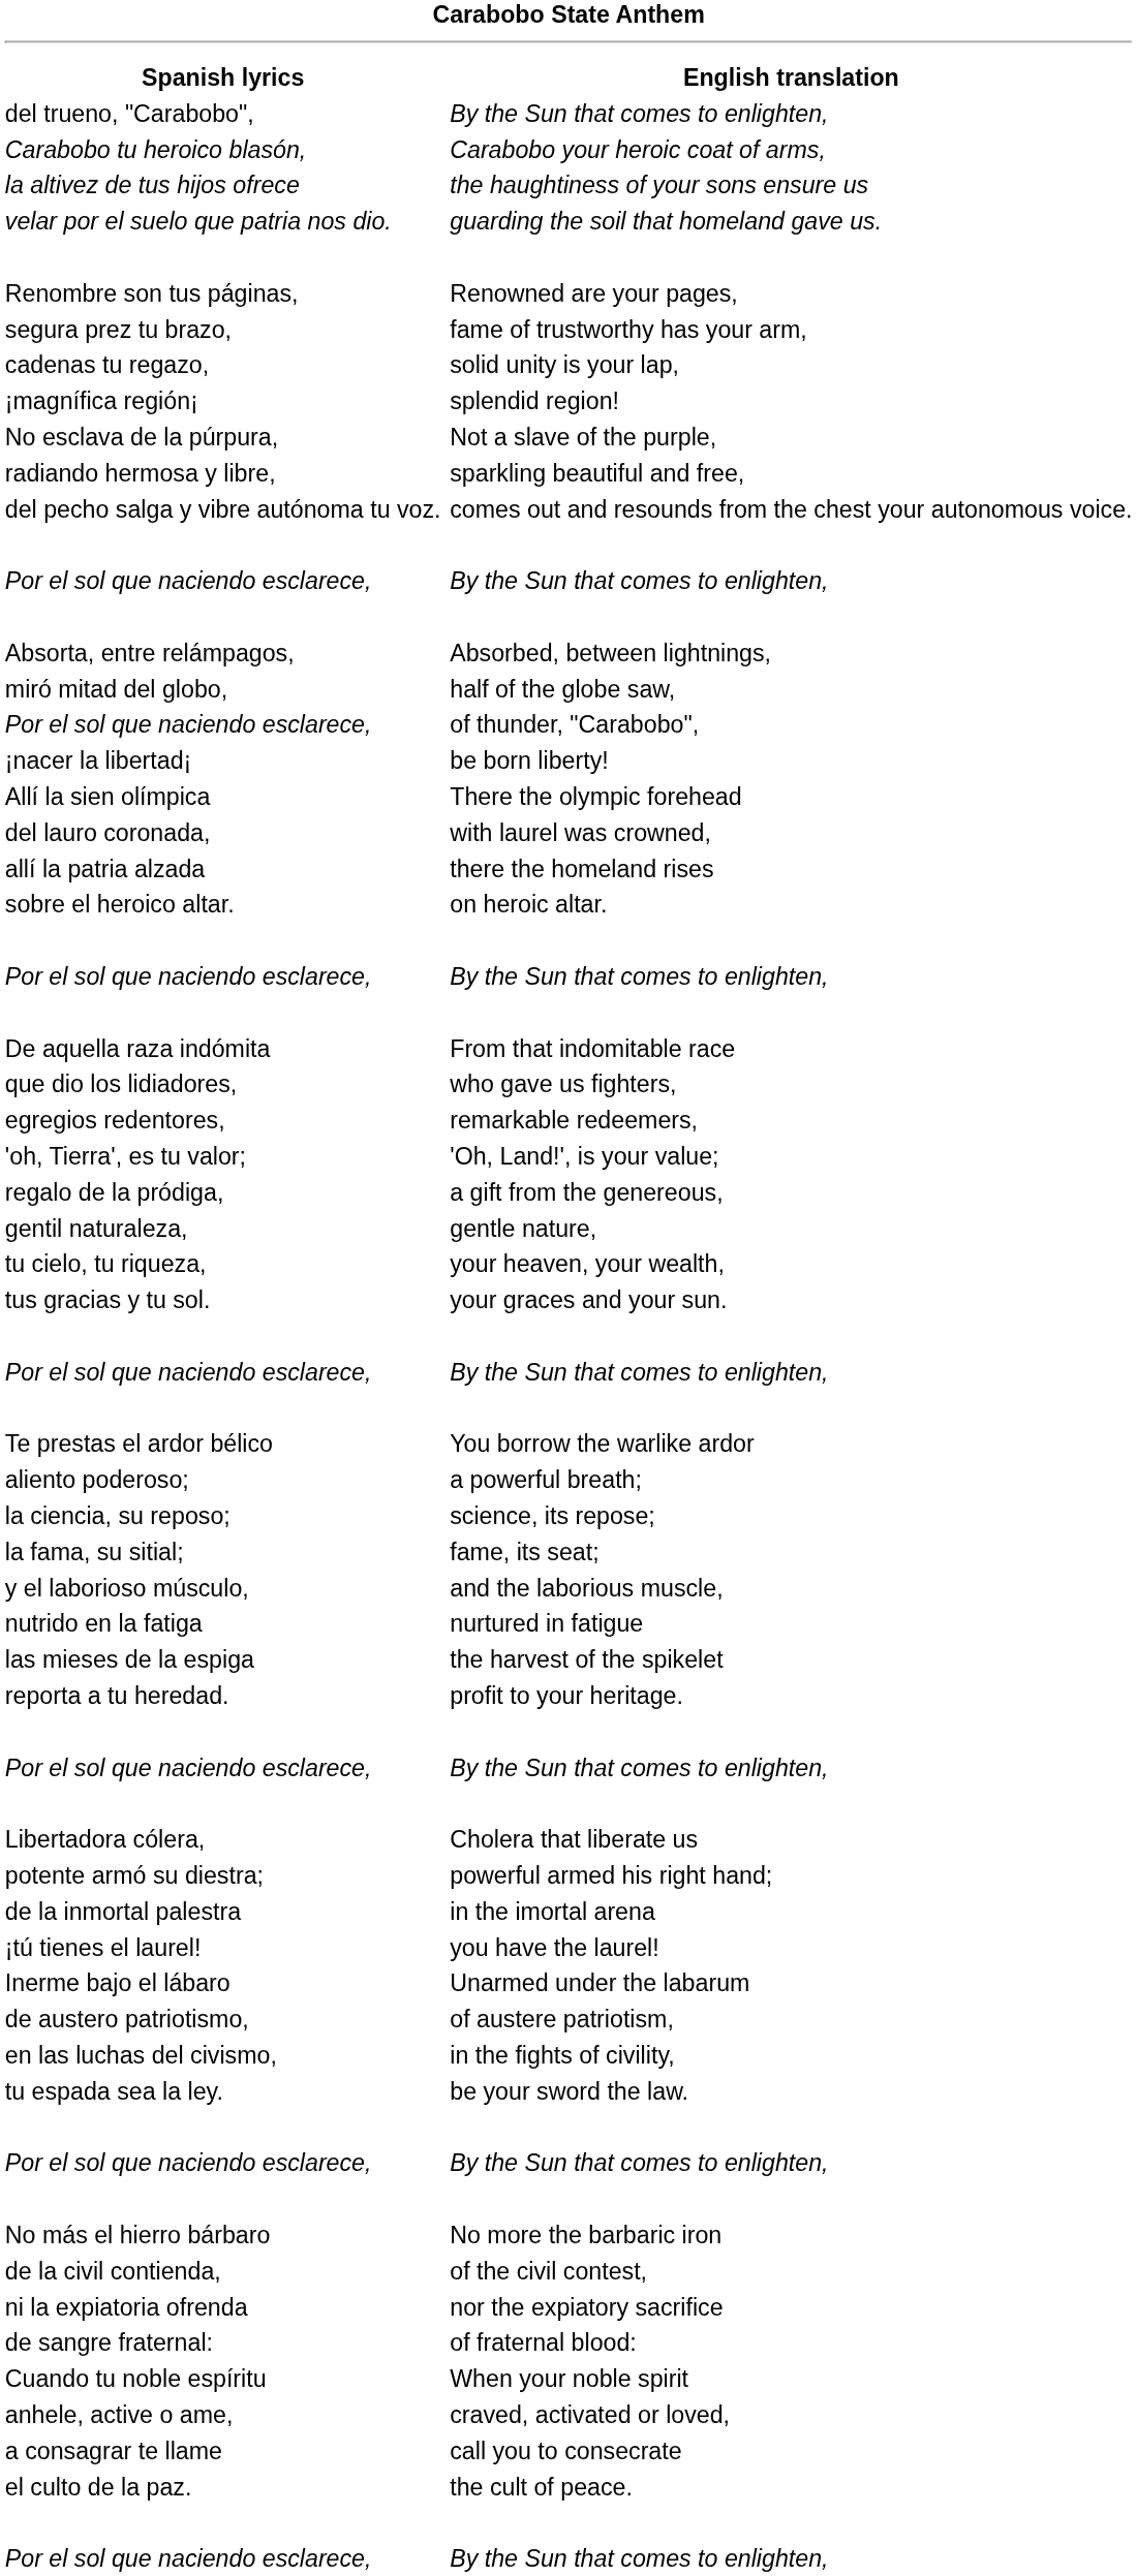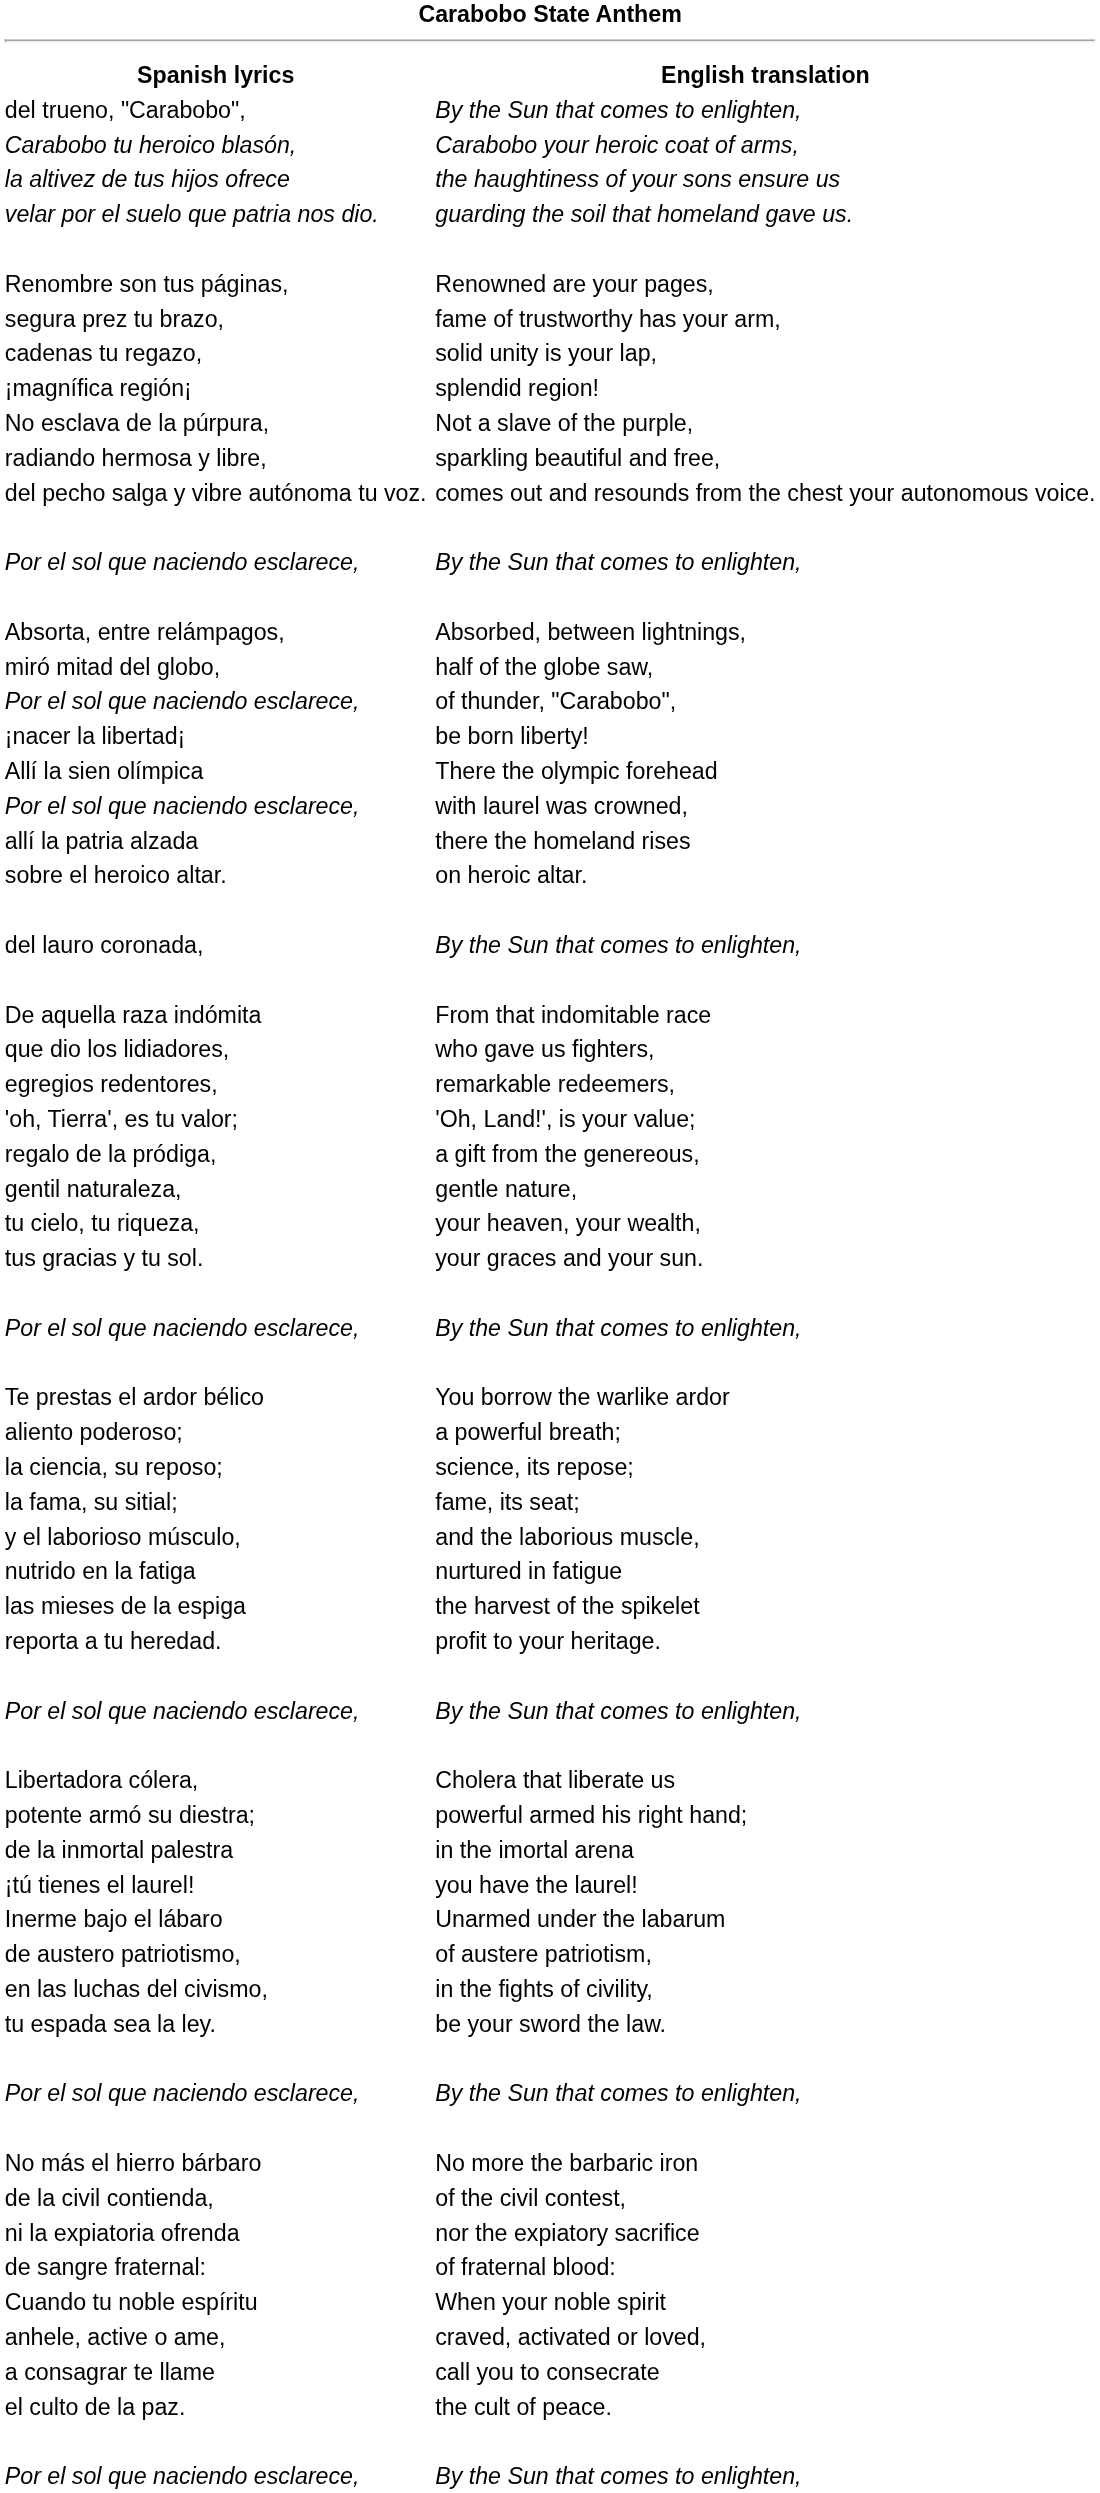 <table cellpadding=2 style="background:transparent;">
 <tr>
 <td align="center" colspan="2"><strong>Carabobo State Anthem</strong><br><hr></td>
 </tr>
 <tr>
 <th>Spanish lyrics</th>
 <th>English translation</th>
 </tr>
 <tr>
 <td>del trueno, "Carabobo",</td>
 <td><em>By the Sun that comes to enlighten,</em></td>
 </tr>
 <tr>
 <td><em>Carabobo tu heroico blasón,</em></td>
 <td><em>Carabobo your heroic coat of arms,</em></td>
 </tr>
 <tr>
 <td><em>la altivez de tus hijos ofrece</em></td>
 <td><em>the haughtiness of your sons ensure us</em></td>
 </tr>
 <tr>
 <td><em>velar por el suelo que patria nos dio.</em></td>
 <td><em>guarding the soil that homeland gave us.</em></td>
 </tr>
 <tr>
 <td> </td>
 </tr>
 <tr>
 <td>Renombre son tus páginas,</td>
 <td>Renowned are your pages,</td>
 </tr>
 <tr>
 <td>segura prez tu brazo,</td>
 <td>fame of trustworthy has your arm,</td>
 </tr>
 <tr>
 <td>cadenas tu regazo,</td>
 <td>solid unity is your lap,</td>
 </tr>
 <tr>
 <td>¡magnífica región¡</td>
 <td>splendid region!</td>
 </tr>
 <tr>
 <td>No esclava de la púrpura,</td>
 <td>Not a slave of the purple,</td>
 </tr>
 <tr>
 <td>radiando hermosa y libre,</td>
 <td>sparkling beautiful and free,</td>
 </tr>
 <tr>
 <td>del pecho salga y vibre autónoma tu voz.</td>
 <td>comes out and resounds from the chest your autonomous voice.</td>
 </tr>
 <tr>
 <td> </td>
 </tr>
 <tr>
 <td><em>Por el sol que naciendo esclarece,</em></td>
 <td><em>By the Sun that comes to enlighten,</em></td>
 </tr>
 <tr>
 <td> </td>
 </tr>
 <tr>
 <td>Absorta, entre relámpagos,</td>
 <td>Absorbed, between lightnings,</td>
 </tr>
 <tr>
 <td>miró mitad del globo,</td>
 <td>half of the globe saw,</td>
 </tr>
 <tr>
 <td><em>Por el sol que naciendo esclarece,</em></td>
 <td>of thunder, "Carabobo",</td>
 </tr>
 <tr>
 <td>¡nacer la libertad¡</td>
 <td>be born liberty!</td>
 </tr>
 <tr>
 <td>Allí la sien olímpica</td>
 <td>There the olympic forehead</td>
 </tr>
 <tr>
-<td>del lauro coronada,</td>
+<td><em>Por el sol que naciendo esclarece,</em></td>
 <td>with laurel was crowned,</td>
 </tr>
 <tr>
 <td>allí la patria alzada</td>
 <td>there the homeland rises</td>
 </tr>
 <tr>
 <td>sobre el heroico altar.</td>
 <td>on heroic altar.</td>
 </tr>
 <tr>
 <td> </td>
 </tr>
 <tr>
-<td><em>Por el sol que naciendo esclarece,</em></td>
+<td>del lauro coronada,</td>
 <td><em>By the Sun that comes to enlighten,</em></td>
 </tr>
 <tr>
 <td> </td>
 </tr>
 <tr>
 <td>De aquella raza indómita</td>
 <td>From that indomitable race</td>
 </tr>
 <tr>
 <td>que dio los lidiadores,</td>
 <td>who gave us fighters,</td>
 </tr>
 <tr>
 <td>egregios redentores,</td>
 <td>remarkable redeemers,</td>
 </tr>
 <tr>
 <td>'oh, Tierra', es tu valor;</td>
 <td>'Oh, Land!', is your value;</td>
 </tr>
 <tr>
 <td>regalo de la pródiga,</td>
 <td>a gift from the genereous,</td>
 </tr>
 <tr>
 <td>gentil naturaleza,</td>
 <td>gentle nature,</td>
 </tr>
 <tr>
 <td>tu cielo, tu riqueza,</td>
 <td>your heaven, your wealth,</td>
 </tr>
 <tr>
 <td>tus gracias y tu sol.</td>
 <td>your graces and your sun.</td>
 </tr>
 <tr>
 <td> </td>
 </tr>
 <tr>
 <td><em>Por el sol que naciendo esclarece,</em></td>
 <td><em>By the Sun that comes to enlighten,</em></td>
 </tr>
 <tr>
 <td> </td>
 </tr>
 <tr>
 <td>Te prestas el ardor bélico</td>
 <td>You borrow the warlike ardor</td>
 </tr>
 <tr>
 <td>aliento poderoso;</td>
 <td>a powerful breath;</td>
 </tr>
 <tr>
 <td>la ciencia, su reposo;</td>
 <td>science, its repose;</td>
 </tr>
 <tr>
 <td>la fama, su sitial;</td>
 <td>fame, its seat;</td>
 </tr>
 <tr>
 <td>y el laborioso músculo,</td>
 <td>and the laborious muscle,</td>
 </tr>
 <tr>
 <td>nutrido en la fatiga</td>
 <td>nurtured in fatigue</td>
 </tr>
 <tr>
 <td>las mieses de la espiga</td>
 <td>the harvest of the spikelet</td>
 </tr>
 <tr>
 <td>reporta a tu heredad.</td>
 <td>profit to your heritage.</td>
 </tr>
 <tr>
 <td> </td>
 </tr>
 <tr>
 <td><em>Por el sol que naciendo esclarece,</em></td>
 <td><em>By the Sun that comes to enlighten,</em></td>
 </tr>
 <tr>
 <td> </td>
 </tr>
 <tr>
 <td>Libertadora cólera,</td>
 <td>Cholera that liberate us</td>
 </tr>
 <tr>
 <td>potente armó su diestra;</td>
 <td>powerful armed his right hand;</td>
 </tr>
 <tr>
 <td>de la inmortal palestra</td>
 <td>in the imortal arena</td>
 </tr>
 <tr>
 <td>¡tú tienes el laurel!</td>
 <td>you have the laurel!</td>
 </tr>
 <tr>
 <td>Inerme bajo el lábaro</td>
 <td>Unarmed under the labarum</td>
 </tr>
 <tr>
 <td>de austero patriotismo,</td>
 <td>of austere patriotism,</td>
 </tr>
 <tr>
 <td>en las luchas del civismo,</td>
 <td>in the fights of civility,</td>
 </tr>
 <tr>
 <td>tu espada sea la ley.</td>
 <td>be your sword the law.</td>
 </tr>
 <tr>
 <td> </td>
 </tr>
 <tr>
 <td><em>Por el sol que naciendo esclarece,</em></td>
 <td><em>By the Sun that comes to enlighten,</em></td>
 </tr>
 <tr>
 <td> </td>
 </tr>
 <tr>
 <td>No más el hierro bárbaro</td>
 <td>No more the barbaric iron</td>
 </tr>
 <tr>
 <td>de la civil contienda,</td>
 <td>of the civil contest,</td>
 </tr>
 <tr>
 <td>ni la expiatoria ofrenda</td>
 <td>nor the expiatory sacrifice</td>
 </tr>
 <tr>
 <td>de sangre fraternal:</td>
 <td>of fraternal blood:</td>
 </tr>
 <tr>
 <td>Cuando tu noble espíritu</td>
 <td>When your noble spirit</td>
 </tr>
 <tr>
 <td>anhele, active o ame,</td>
 <td>craved, activated or loved,</td>
 </tr>
 <tr>
 <td>a consagrar te llame</td>
 <td>call you to consecrate</td>
 </tr>
 <tr>
 <td>el culto de la paz.</td>
 <td>the cult of peace.</td>
 </tr>
 <tr>
 <td> </td>
 <td></td>
 </tr>
 <tr>
 <td><em>Por el sol que naciendo esclarece,</em></td>
 <td><em>By the Sun that comes to enlighten,</em></td>
 </tr>
 <tr>
 </tr>
 </table>
